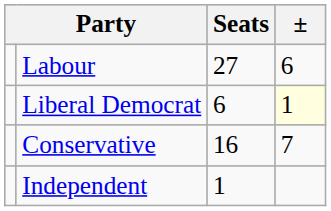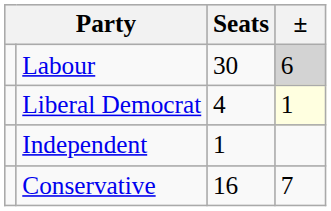 <table class="wikitable">
 <tr>
 <th colspan="2">Party</th>
 <th>Seats</th>
 <th>  ±  </th>
 </tr>
 <tr>
 <td style="background-color: "></td>
 <td><a href='#'>Labour</a></td>
-<td>27</td>
-<td> 6</td>
+<td>30</td>
+<td style="background: lightgrey;"> 6</td>
 </tr>
 <tr>
 <td style="background-color: "></td>
 <td><a href='#'>Liberal Democrat</a></td>
-<td>6</td>
+<td>4</td>
 <td style="background: lightyellow;"> 1</td>
+</tr>
+<tr>
+<td style="background-color: "></td>
+<td><a href='#'>Independent</a></td>
+<td>1</td>
+<td></td>
 </tr>
 <tr>
 <td style="background-color: "></td>
 <td><a href='#'>Conservative</a></td>
 <td>16</td>
 <td> 7</td>
 </tr>
-<tr>
-<td style="background-color: "></td>
-<td><a href='#'>Independent</a></td>
-<td>1</td>
-<td></td>
-</tr>
 </table>
